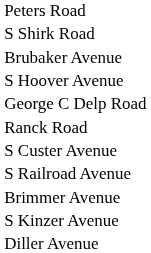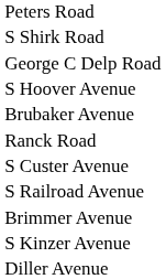 <table>
 <tr>
 <td>Peters Road</td>
 </tr>
 <tr>
 <td>S Shirk Road</td>
 </tr>
 <tr>
-<td>Brubaker Avenue</td>
+<td>George C Delp Road</td>
 </tr>
 <tr>
 <td>S Hoover Avenue</td>
 </tr>
 <tr>
-<td>George C Delp Road</td>
+<td>Brubaker Avenue</td>
 </tr>
 <tr>
 <td>Ranck Road</td>
 </tr>
 <tr>
 <td>S Custer Avenue</td>
 </tr>
 <tr>
 <td>S Railroad Avenue</td>
 </tr>
 <tr>
 <td>Brimmer Avenue</td>
 </tr>
 <tr>
 <td>S Kinzer Avenue</td>
 </tr>
 <tr>
 <td>Diller Avenue</td>
 </tr>
 </table>
